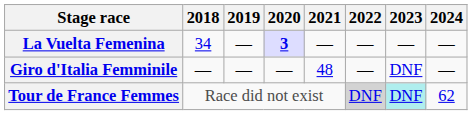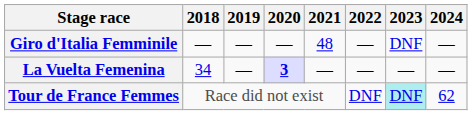 <table class="wikitable plainrowheaders">
 <tr>
 <th>Stage race</th>
 <th>2018</th>
 <th>2019</th>
 <th>2020</th>
 <th>2021</th>
 <th>2022</th>
 <th>2023</th>
 <th>2024</th>
 </tr>
 <tr style="text-align:center">
+<th scope="row"> <a href='#'>Giro d'Italia Femminile</a></th>
+<td>—</td>
+<td>—</td>
+<td>—</td>
+<td><a href='#'>48</a></td>
+<td>—</td>
+<td><a href='#'>DNF</a></td>
+<td>—</td>
+</tr>
+<tr style="text-align:center">
 <th scope="row"> <a href='#'>La Vuelta Femenina</a></th>
 <td><a href='#'>34</a></td>
 <td>—</td>
 <td style="background:#ddf;"><a href='#'><strong>3</strong></a></td>
 <td>—</td>
 <td>—</td>
 <td>—</td>
 <td>—</td>
 </tr>
 <tr style="text-align:center">
-<th scope="row"> <a href='#'>Giro d'Italia Femminile</a></th>
-<td>—</td>
-<td>—</td>
-<td>—</td>
-<td><a href='#'>48</a></td>
-<td>—</td>
-<td><a href='#'>DNF</a></td>
-<td>—</td>
-</tr>
-<tr style="text-align:center">
 <th scope="row"> <a href='#'>Tour de France Femmes</a></th>
 <td style="color:#4d4d4d;" colspan=4>Race did not exist</td>
-<td style="background: lightgrey;"><a href='#'>DNF</a></td>
+<td><a href='#'>DNF</a></td>
 <td style="background: paleturquoise;"><a href='#'>DNF</a></td>
 <td><a href='#'>62</a></td>
 </tr>
 </table>
